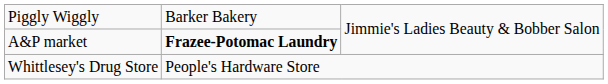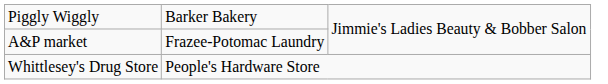 <table class=wikitable>
 <tr>
 <td>Piggly Wiggly</td>
 <td>Barker Bakery</td>
 <td rowspan=2>Jimmie's Ladies Beauty & Bobber Salon</td>
 </tr>
 <tr>
 <td>A&P market</td>
-<td><strong>Frazee-Potomac Laundry</strong></td>
+<td>Frazee-Potomac Laundry</td>
 </tr>
 <tr>
 <td>Whittlesey's Drug Store</td>
 <td colspan = 2>People's Hardware Store</td>
 </tr>
 </table>
